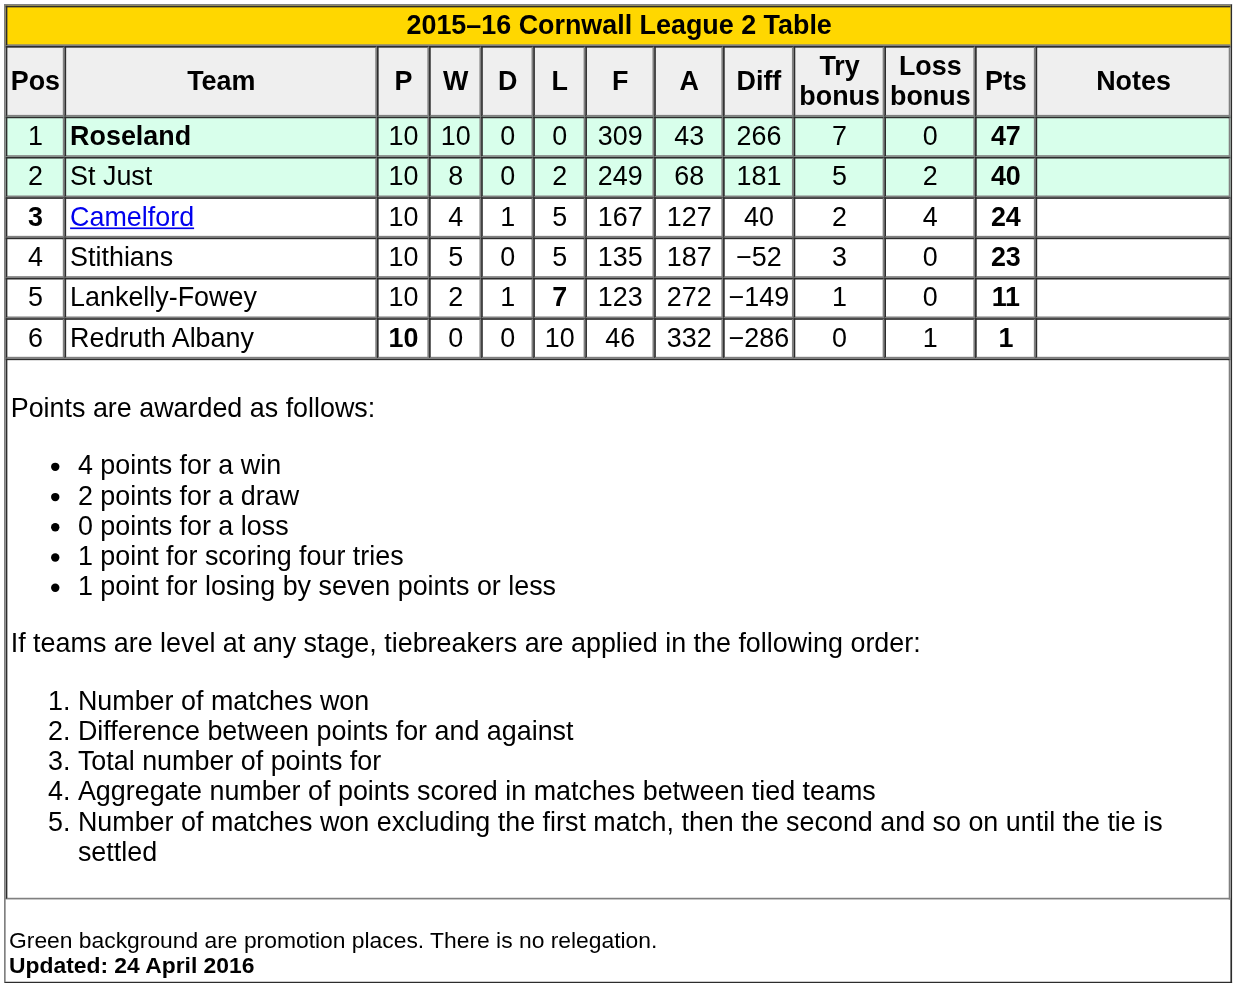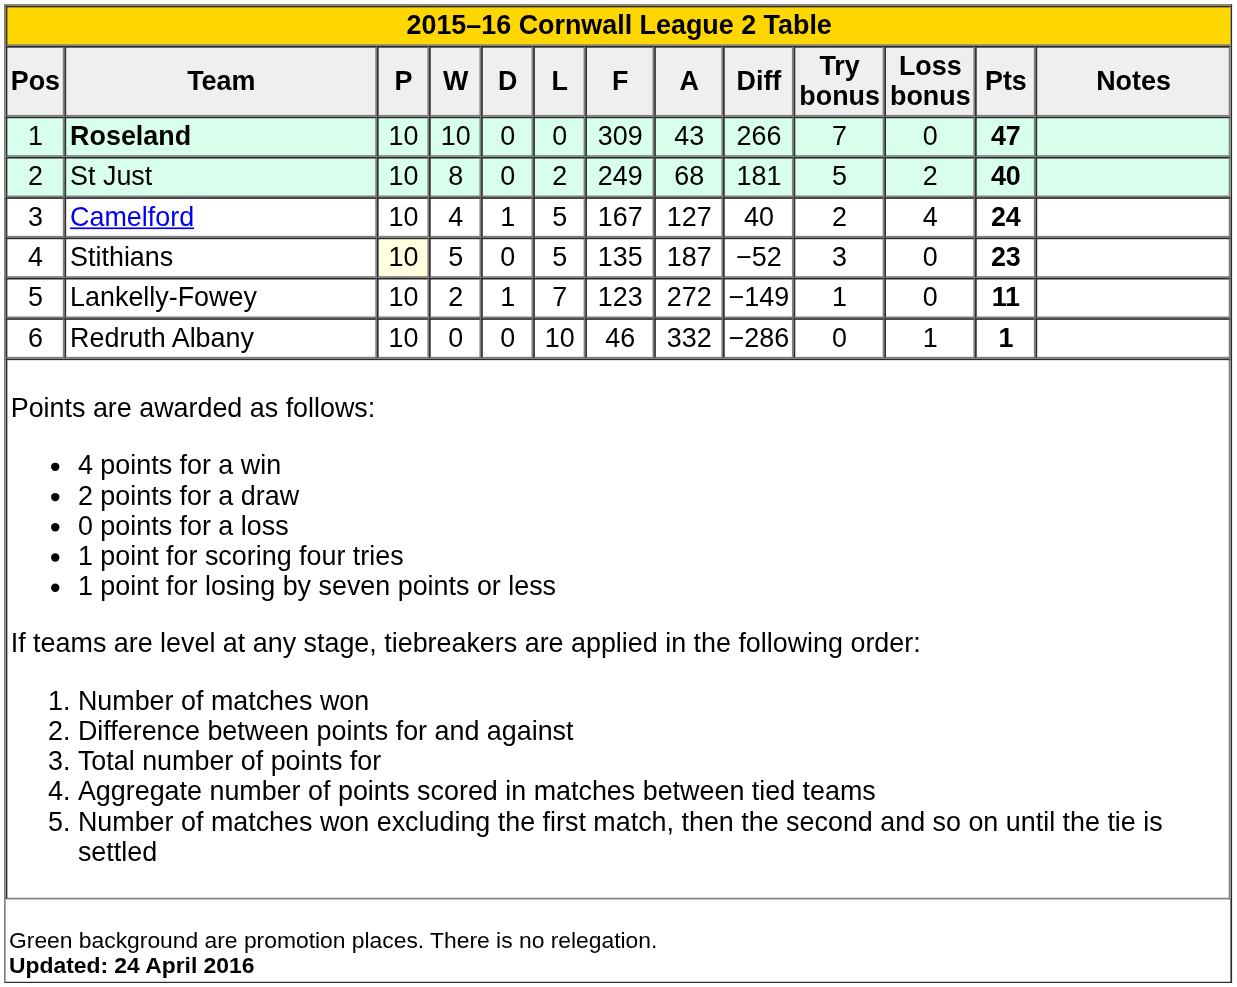 <table border="1" cellpadding="2" cellspacing="0">
 <tr bgcolor="gold">
 <th colspan=13 style="border-right:0px;";>2015–16 Cornwall League 2 Table</th>
 </tr>
 <tr bgcolor="#efefef">
 <th width="20">Pos</th>
 <th width="180">Team</th>
 <th width="25">P</th>
 <th width="25">W</th>
 <th width="25">D</th>
 <th width="25">L</th>
 <th width="35">F</th>
 <th width="35">A</th>
 <th width="35">Diff</th>
 <th width="35">Try bonus</th>
 <th width="35">Loss bonus</th>
 <th width="30">Pts</th>
 <th width="110">Notes</th>
 </tr>
 <tr bgcolor=#d8ffeb align=center>
 <td>1</td>
 <td align=left><strong>Roseland</strong></td>
 <td>10</td>
 <td>10</td>
 <td>0</td>
 <td>0</td>
 <td>309</td>
 <td>43</td>
 <td>266</td>
 <td>7</td>
 <td>0</td>
 <td><strong>47</strong></td>
 <td></td>
 </tr>
 <tr bgcolor=#d8ffeb align=center>
 <td>2</td>
 <td align=left>St Just</td>
 <td>10</td>
 <td>8</td>
 <td>0</td>
 <td>2</td>
 <td>249</td>
 <td>68</td>
 <td>181</td>
 <td>5</td>
 <td>2</td>
 <td><strong>40</strong></td>
 <td></td>
 </tr>
 <tr align=center>
-<td><strong>3</strong></td>
+<td>3</td>
 <td align=left><a href='#'>Camelford</a></td>
 <td>10</td>
 <td>4</td>
 <td>1</td>
 <td>5</td>
 <td>167</td>
 <td>127</td>
 <td>40</td>
 <td>2</td>
 <td>4</td>
 <td><strong>24</strong></td>
 <td></td>
 </tr>
 <tr align=center>
 <td>4</td>
 <td align=left>Stithians</td>
-<td>10</td>
+<td style="background: lightyellow;">10</td>
 <td>5</td>
 <td>0</td>
 <td>5</td>
 <td>135</td>
 <td>187</td>
 <td>−52</td>
 <td>3</td>
 <td>0</td>
 <td><strong>23</strong></td>
 <td></td>
 </tr>
 <tr align=center>
 <td>5</td>
 <td align=left>Lankelly-Fowey</td>
 <td>10</td>
 <td>2</td>
 <td>1</td>
-<td><strong>7</strong></td>
+<td>7</td>
 <td>123</td>
 <td>272</td>
 <td>−149</td>
 <td>1</td>
 <td>0</td>
 <td><strong>11</strong></td>
 <td></td>
 </tr>
 <tr align=center>
 <td>6</td>
 <td align=left>Redruth Albany</td>
-<td><strong>10</strong></td>
+<td>10</td>
 <td>0</td>
 <td>0</td>
 <td>10</td>
 <td>46</td>
 <td>332</td>
 <td>−286</td>
 <td>0</td>
 <td>1</td>
 <td><strong>1</strong></td>
 <td></td>
 </tr>
 <tr align=center>
 </tr>
 <tr bgcolor=#ffffff>
 <td colspan="13"><br>Points are awarded as follows:<ul><li>4 points for a win</li><li>2 points for a draw</li><li>0 points for a loss</li><li>1 point for scoring four tries</li><li>1 point for losing by seven points or less</li></ul>If teams are level at any stage, tiebreakers are applied in the following order:<ol><li>Number of matches won</li><li>Difference between points for and against</li><li>Total number of points for</li><li>Aggregate number of points scored in matches between tied teams</li><li>Number of matches won excluding the first match, then the second and so on until the tie is settled</li></ol></td>
 </tr>
 <tr |align=left|>
 <td colspan="15" style="border:0px;font-size:85%;"><br><span>Green background</span> are promotion places. There is no relegation. <br> <strong>Updated: 24 April 2016</strong></td>
 </tr>
 </table>
